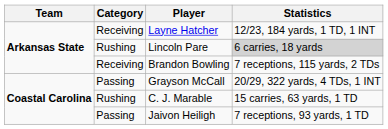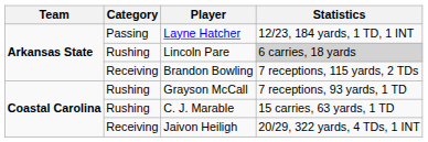 <table class="wikitable" style="float: left;">
 <tr>
 <th>Team</th>
 <th>Category</th>
 <th>Player</th>
 <th>Statistics</th>
 </tr>
 <tr>
 <td rowspan=3><strong>Arkansas State</strong></td>
-<td>Receiving</td>
+<td>Passing</td>
 <td><a href='#'>Layne Hatcher</a></td>
 <td>12/23, 184 yards, 1 TD, 1 INT</td>
 </tr>
 <tr>
 <td>Rushing</td>
 <td>Lincoln Pare</td>
 <td style="background: lightgrey;">6 carries, 18 yards</td>
 </tr>
 <tr>
 <td>Receiving</td>
 <td>Brandon Bowling</td>
 <td>7 receptions, 115 yards, 2 TDs</td>
 </tr>
 <tr>
 <td rowspan=3><strong>Coastal Carolina</strong></td>
-<td>Passing</td>
+<td>Rushing</td>
 <td>Grayson McCall</td>
-<td>20/29, 322 yards, 4 TDs, 1 INT</td>
+<td>7 receptions, 93 yards, 1 TD</td>
 </tr>
 <tr>
 <td>Rushing</td>
 <td>C. J. Marable</td>
 <td>15 carries, 63 yards, 1 TD</td>
 </tr>
 <tr>
-<td>Passing</td>
+<td>Receiving</td>
 <td>Jaivon Heiligh</td>
-<td>7 receptions, 93 yards, 1 TD</td>
+<td>20/29, 322 yards, 4 TDs, 1 INT</td>
 </tr>
 </table>
